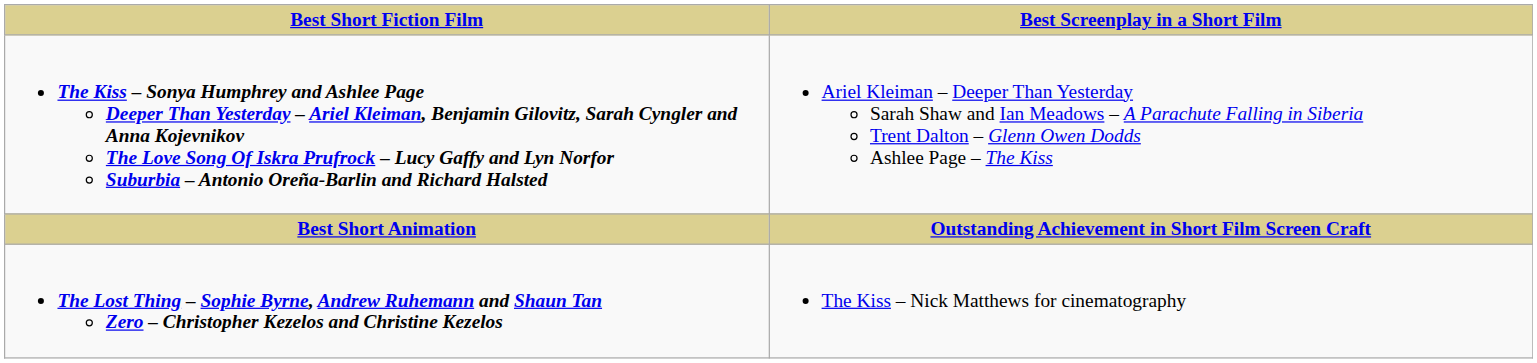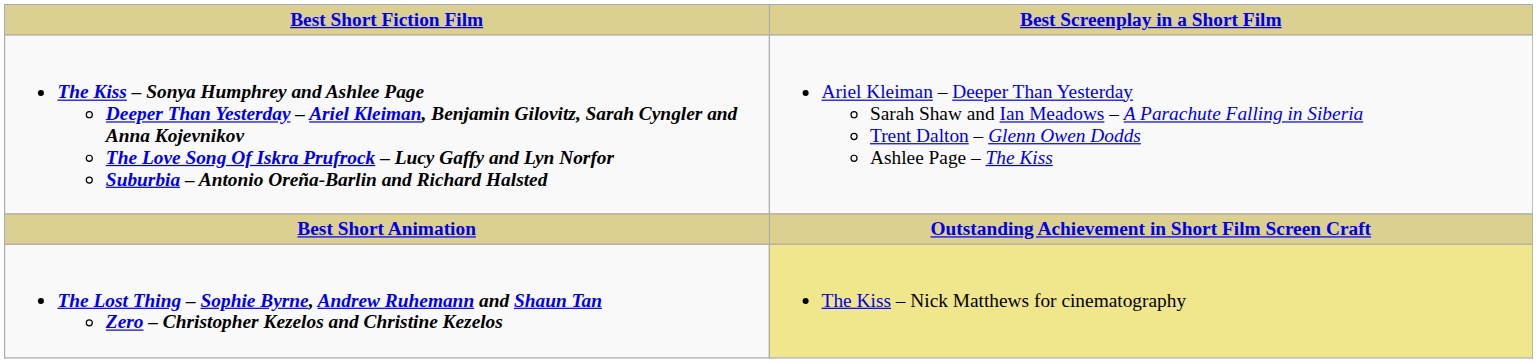 <table class="wikitable" style="width:100%">
 <tr>
 <th style="background:#dbd090; width:50%"><a href='#'>Best Short Fiction Film</a></th>
 <th style="background:#dbd090; width:50%"><a href='#'>Best Screenplay in a Short Film</a></th>
 </tr>
 <tr>
 <td valign="top"><br><ul><li><strong><em><a href='#'>The Kiss</a><em> – Sonya Humphrey and Ashlee Page<strong><ul><li></em><a href='#'>Deeper Than Yesterday</a><em> – <a href='#'>Ariel Kleiman</a>, Benjamin Gilovitz, Sarah Cyngler and Anna Kojevnikov</li><li></em><a href='#'>The Love Song Of Iskra Prufrock</a><em> – Lucy Gaffy and Lyn Norfor</li><li></em><a href='#'>Suburbia</a><em> – Antonio Oreña-Barlin and Richard Halsted</li></ul></li></ul></td>
 <td valign="top"><br><ul><li></strong><a href='#'>Ariel Kleiman</a> – </em><a href='#'>Deeper Than Yesterday</a></em></strong><ul><li>Sarah Shaw and <a href='#'>Ian Meadows</a> – <em><a href='#'>A Parachute Falling in Siberia</a></em></li><li><a href='#'>Trent Dalton</a> – <em><a href='#'>Glenn Owen Dodds</a></em></li><li>Ashlee Page – <em><a href='#'>The Kiss</a></em></li></ul></li></ul></td>
 </tr>
 <tr>
 <th style="background:#dbd090; width:50%"><a href='#'>Best Short Animation</a></th>
 <th style="background:#dbd090; width:50%"><a href='#'>Outstanding Achievement in Short Film Screen Craft</a></th>
 </tr>
 <tr>
 <td valign="top"><br><ul><li><strong><em><a href='#'>The Lost Thing</a><em> – <a href='#'>Sophie Byrne</a>, <a href='#'>Andrew Ruhemann</a> and <a href='#'>Shaun Tan</a><strong><ul><li></em><a href='#'>Zero</a><em> – Christopher Kezelos and Christine Kezelos</li></ul></li></ul></td>
-<td valign="top"><br><ul><li></em></strong><a href='#'>The Kiss</a></em> – Nick Matthews for cinematography</strong></li></ul></td>
+<td valign="top" style="background: khaki;"><br><ul><li></em></strong><a href='#'>The Kiss</a></em> – Nick Matthews for cinematography</strong></li></ul></td>
 </tr>
 </table>
